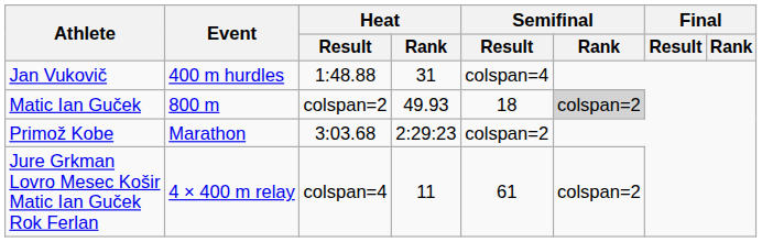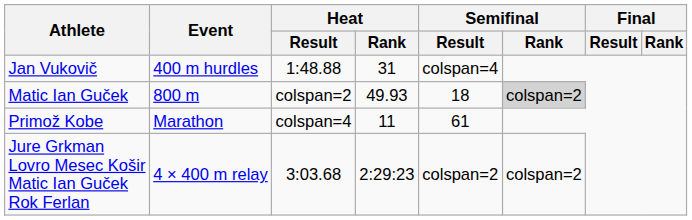 <table class="wikitable" style="font-size:90%">
 <tr>
 <th rowspan="2">Athlete</th>
 <th rowspan="2">Event</th>
 <th colspan="2">Heat</th>
 <th colspan="2">Semifinal</th>
 <th colspan="2">Final</th>
 </tr>
 <tr style="font-size:95%">
 <th>Result</th>
 <th>Rank</th>
 <th>Result</th>
 <th>Rank</th>
 <th>Result</th>
 <th>Rank</th>
 </tr>
 <tr align=center>
 <td align=left><a href='#'>Jan Vukovič</a></td>
 <td align=left><a href='#'>400 m hurdles</a></td>
 <td>1:48.88</td>
 <td>31</td>
 <td>colspan=4 </td>
 </tr>
 <tr align=center>
 <td align=left><a href='#'>Matic Ian Guček</a></td>
 <td align=left><a href='#'>800 m</a></td>
 <td>colspan=2 </td>
 <td>49.93</td>
 <td>18</td>
 <td style="background: lightgrey;">colspan=2 </td>
 </tr>
 <tr align=center>
 <td align=left><a href='#'>Primož Kobe</a></td>
 <td align=left><a href='#'>Marathon</a></td>
-<td>3:03.68  </td>
-<td>2:29:23</td>
-<td>colspan=2 </td>
+<td>colspan=4 </td>
+<td>11</td>
+<td>61</td>
 </tr>
 <tr align=center>
 <td align=left><a href='#'>Jure Grkman</a><br> <a href='#'>Lovro Mesec Košir</a><br> <a href='#'>Matic Ian Guček</a><br> <a href='#'>Rok Ferlan</a></td>
 <td align=left><a href='#'>4 × 400 m relay</a></td>
-<td>colspan=4 </td>
-<td>11</td>
-<td>61</td>
+<td>3:03.68  </td>
+<td>2:29:23</td>
+<td>colspan=2 </td>
 <td>colspan=2 </td>
 </tr>
 </table>
